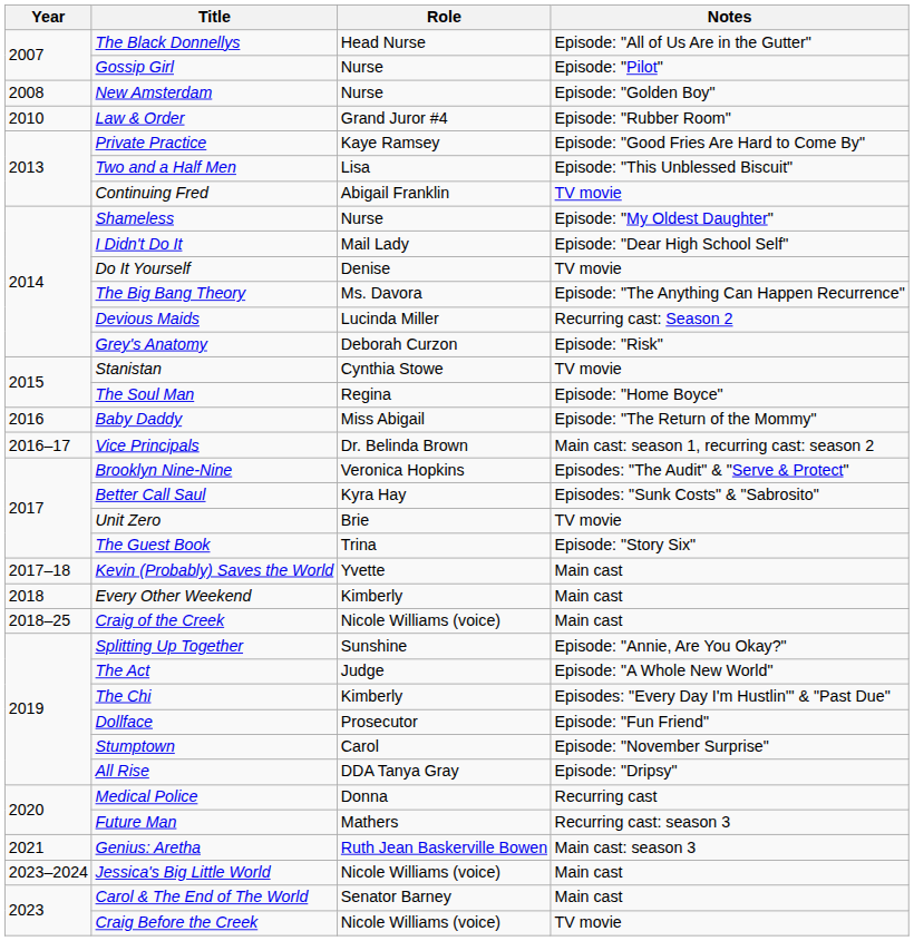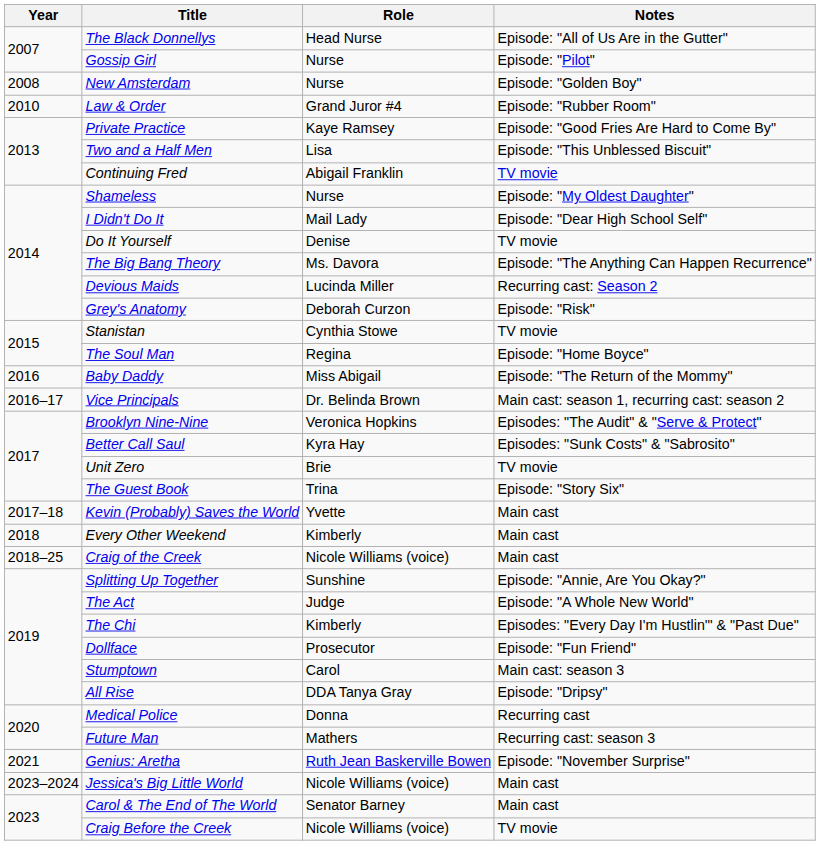 <table class="wikitable sortable">
 <tr>
 <th scope="col">Year</th>
 <th scope="col">Title</th>
 <th scope="col">Role</th>
 <th scope="col" class="unsortable">Notes</th>
 </tr>
 <tr>
 <td rowspan="2">2007</td>
 <td><em><a href='#'>The Black Donnellys</a></em></td>
 <td>Head Nurse</td>
 <td>Episode: "All of Us Are in the Gutter"</td>
 </tr>
 <tr>
 <td><em><a href='#'>Gossip Girl</a></em></td>
 <td>Nurse</td>
 <td>Episode: "<a href='#'>Pilot</a>"</td>
 </tr>
 <tr>
 <td>2008</td>
 <td><em><a href='#'>New Amsterdam</a></em></td>
 <td>Nurse</td>
 <td>Episode: "Golden Boy"</td>
 </tr>
 <tr>
 <td>2010</td>
 <td><em><a href='#'>Law & Order</a></em></td>
 <td>Grand Juror #4</td>
 <td>Episode: "Rubber Room"</td>
 </tr>
 <tr>
 <td rowspan="3">2013</td>
 <td><em><a href='#'>Private Practice</a></em></td>
 <td>Kaye Ramsey</td>
 <td>Episode: "Good Fries Are Hard to Come By"</td>
 </tr>
 <tr>
 <td><em><a href='#'>Two and a Half Men</a></em></td>
 <td>Lisa</td>
 <td>Episode: "This Unblessed Biscuit"</td>
 </tr>
 <tr>
 <td><em>Continuing Fred</em></td>
 <td>Abigail Franklin</td>
 <td><a href='#'>TV movie</a></td>
 </tr>
 <tr>
 <td rowspan="6">2014</td>
 <td><em><a href='#'>Shameless</a></em></td>
 <td>Nurse</td>
 <td>Episode: "<a href='#'>My Oldest Daughter</a>"</td>
 </tr>
 <tr>
 <td><em><a href='#'>I Didn't Do It</a> </em></td>
 <td>Mail Lady</td>
 <td>Episode: "Dear High School Self"</td>
 </tr>
 <tr>
 <td><em>Do It Yourself</em></td>
 <td>Denise</td>
 <td>TV movie</td>
 </tr>
 <tr>
 <td><em><a href='#'>The Big Bang Theory</a></em></td>
 <td>Ms. Davora</td>
 <td>Episode: "The Anything Can Happen Recurrence"</td>
 </tr>
 <tr>
 <td><em><a href='#'>Devious Maids</a></em></td>
 <td>Lucinda Miller</td>
 <td>Recurring cast: <a href='#'>Season 2</a></td>
 </tr>
 <tr>
 <td><em><a href='#'>Grey's Anatomy</a></em></td>
 <td>Deborah Curzon</td>
 <td>Episode: "Risk"</td>
 </tr>
 <tr>
 <td rowspan="2">2015</td>
 <td><em>Stanistan</em></td>
 <td>Cynthia Stowe</td>
 <td>TV movie</td>
 </tr>
 <tr>
 <td><em><a href='#'>The Soul Man</a></em></td>
 <td>Regina</td>
 <td>Episode: "Home Boyce"</td>
 </tr>
 <tr>
 <td>2016</td>
 <td><em><a href='#'>Baby Daddy</a></em></td>
 <td>Miss Abigail</td>
 <td>Episode: "The Return of the Mommy"</td>
 </tr>
 <tr>
 <td>2016–17</td>
 <td><em><a href='#'>Vice Principals</a></em></td>
 <td>Dr. Belinda Brown</td>
 <td>Main cast: season 1, recurring cast: season 2</td>
 </tr>
 <tr>
 <td rowspan="4">2017</td>
 <td><em><a href='#'>Brooklyn Nine-Nine</a></em></td>
 <td>Veronica Hopkins</td>
 <td>Episodes: "The Audit" & "<a href='#'>Serve & Protect</a>"</td>
 </tr>
 <tr>
 <td><em><a href='#'>Better Call Saul</a></em></td>
 <td>Kyra Hay</td>
 <td>Episodes: "Sunk Costs" & "Sabrosito"</td>
 </tr>
 <tr>
 <td><em>Unit Zero</em></td>
 <td>Brie</td>
 <td>TV movie</td>
 </tr>
 <tr>
 <td><em><a href='#'>The Guest Book</a></em></td>
 <td>Trina</td>
 <td>Episode: "Story Six"</td>
 </tr>
 <tr>
 <td>2017–18</td>
 <td><em><a href='#'>Kevin (Probably) Saves the World</a></em></td>
 <td>Yvette</td>
 <td>Main cast</td>
 </tr>
 <tr>
 <td>2018</td>
 <td><em>Every Other Weekend</em></td>
 <td>Kimberly</td>
 <td>Main cast</td>
 </tr>
 <tr>
 <td>2018–25</td>
 <td><em><a href='#'>Craig of the Creek</a></em></td>
 <td>Nicole Williams (voice)</td>
 <td>Main cast</td>
 </tr>
 <tr>
 <td rowspan="6">2019</td>
 <td><em><a href='#'>Splitting Up Together</a></em></td>
 <td>Sunshine</td>
 <td>Episode: "Annie, Are You Okay?"</td>
 </tr>
 <tr>
 <td><em><a href='#'>The Act</a></em></td>
 <td>Judge</td>
 <td>Episode: "A Whole New World"</td>
 </tr>
 <tr>
 <td><em><a href='#'>The Chi</a></em></td>
 <td>Kimberly</td>
 <td>Episodes: "Every Day I'm Hustlin'" & "Past Due"</td>
 </tr>
 <tr>
 <td><em><a href='#'>Dollface</a></em></td>
 <td>Prosecutor</td>
 <td>Episode: "Fun Friend"</td>
 </tr>
 <tr>
 <td><em><a href='#'>Stumptown</a></em></td>
 <td>Carol</td>
-<td>Episode: "November Surprise"</td>
+<td>Main cast: season 3</td>
 </tr>
 <tr>
 <td><em><a href='#'>All Rise</a></em></td>
 <td>DDA Tanya Gray</td>
 <td>Episode: "Dripsy"</td>
 </tr>
 <tr>
 <td rowspan="2">2020</td>
 <td><em><a href='#'>Medical Police</a></em></td>
 <td>Donna</td>
 <td>Recurring cast</td>
 </tr>
 <tr>
 <td><em><a href='#'>Future Man</a></em></td>
 <td>Mathers</td>
 <td>Recurring cast: season 3</td>
 </tr>
 <tr>
 <td>2021</td>
 <td><em><a href='#'>Genius: Aretha</a></em></td>
 <td><a href='#'>Ruth Jean Baskerville Bowen</a></td>
-<td>Main cast: season 3</td>
+<td>Episode: "November Surprise"</td>
 </tr>
 <tr>
 <td>2023–2024</td>
 <td><em><a href='#'>Jessica's Big Little World</a></em></td>
 <td>Nicole Williams (voice)</td>
 <td>Main cast</td>
 </tr>
 <tr>
 <td rowspan="2">2023</td>
 <td><em><a href='#'>Carol & The End of The World</a></em></td>
 <td>Senator Barney</td>
 <td>Main cast</td>
 </tr>
 <tr>
 <td><em><a href='#'>Craig Before the Creek</a></em></td>
 <td>Nicole Williams (voice)</td>
 <td>TV movie</td>
 </tr>
 </table>
